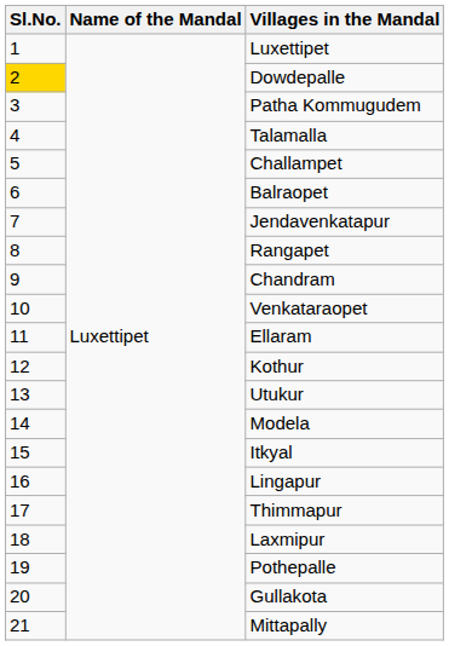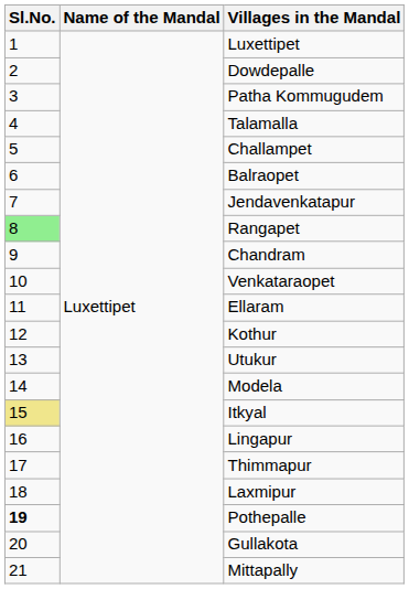 <table class="wikitable">
 <tr>
 <th>Sl.No.</th>
 <th>Name of the Mandal</th>
 <th>Villages in the Mandal</th>
 </tr>
 <tr>
 <td>1</td>
 <td rowspan="21">Luxettipet</td>
 <td>Luxettipet</td>
 </tr>
 <tr>
-<td style="background: gold;">2</td>
+<td>2</td>
 <td>Dowdepalle</td>
 </tr>
 <tr>
 <td>3</td>
 <td>Patha Kommugudem</td>
 </tr>
 <tr>
 <td>4</td>
 <td>Talamalla</td>
 </tr>
 <tr>
 <td>5</td>
 <td>Challampet</td>
 </tr>
 <tr>
 <td>6</td>
 <td>Balraopet</td>
 </tr>
 <tr>
 <td>7</td>
 <td>Jendavenkatapur</td>
 </tr>
 <tr>
-<td>8</td>
+<td style="background: lightgreen;">8</td>
 <td>Rangapet</td>
 </tr>
 <tr>
 <td>9</td>
 <td>Chandram</td>
 </tr>
 <tr>
 <td>10</td>
 <td>Venkataraopet</td>
 </tr>
 <tr>
 <td>11</td>
 <td>Ellaram</td>
 </tr>
 <tr>
 <td>12</td>
 <td>Kothur</td>
 </tr>
 <tr>
 <td>13</td>
 <td>Utukur</td>
 </tr>
 <tr>
 <td>14</td>
 <td>Modela</td>
 </tr>
 <tr>
-<td>15</td>
+<td style="background: khaki;">15</td>
 <td>Itkyal</td>
 </tr>
 <tr>
 <td>16</td>
 <td>Lingapur</td>
 </tr>
 <tr>
 <td>17</td>
 <td>Thimmapur</td>
 </tr>
 <tr>
 <td>18</td>
 <td>Laxmipur</td>
 </tr>
 <tr>
-<td>19</td>
+<td><strong>19</strong></td>
 <td>Pothepalle</td>
 </tr>
 <tr>
 <td>20</td>
 <td>Gullakota</td>
 </tr>
 <tr>
 <td>21</td>
 <td>Mittapally</td>
 </tr>
 </table>
